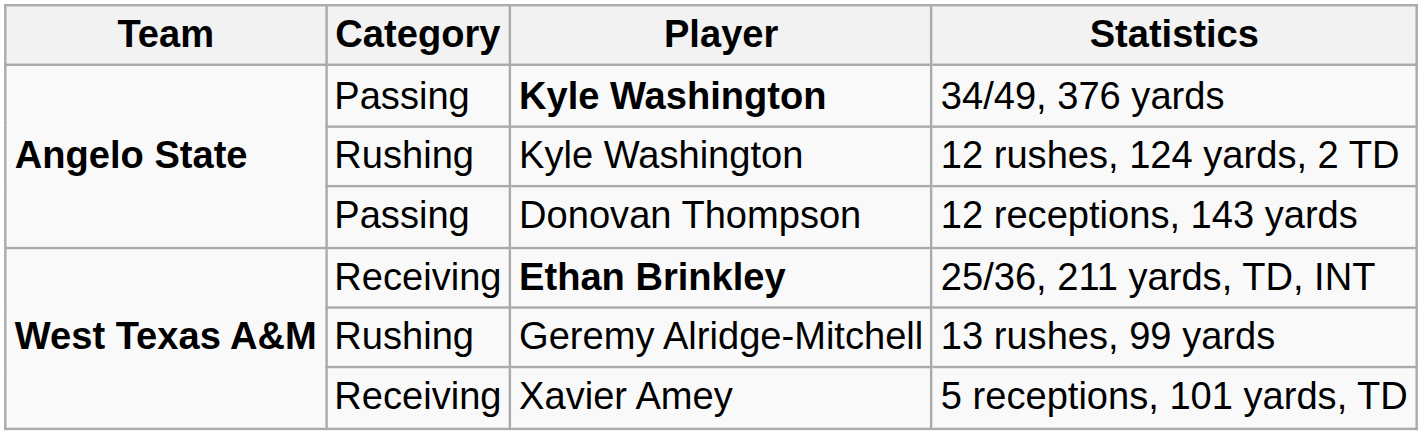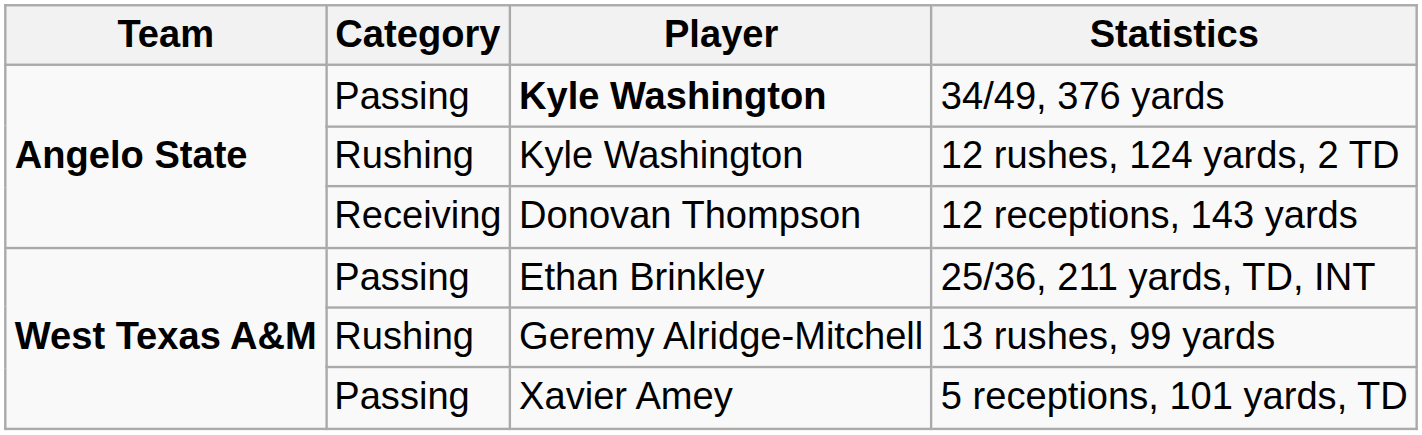 <table class="wikitable" style="float: right;">
 <tr>
 <th>Team</th>
 <th>Category</th>
 <th>Player</th>
 <th>Statistics</th>
 </tr>
 <tr>
 <td rowspan=3><strong>Angelo State</strong></td>
 <td>Passing</td>
 <td><strong>Kyle Washington</strong></td>
 <td>34/49, 376 yards</td>
 </tr>
 <tr>
 <td>Rushing</td>
 <td>Kyle Washington</td>
 <td>12 rushes, 124 yards, 2 TD</td>
 </tr>
 <tr>
-<td>Passing</td>
+<td>Receiving</td>
 <td>Donovan Thompson</td>
 <td>12 receptions, 143 yards</td>
 </tr>
 <tr>
 <td rowspan=3><strong>West Texas A&M</strong></td>
-<td>Receiving</td>
-<td><strong>Ethan Brinkley</strong></td>
+<td>Passing</td>
+<td>Ethan Brinkley</td>
 <td>25/36, 211 yards, TD, INT</td>
 </tr>
 <tr>
 <td>Rushing</td>
 <td>Geremy Alridge-Mitchell</td>
 <td>13 rushes, 99 yards</td>
 </tr>
 <tr>
-<td>Receiving</td>
+<td>Passing</td>
 <td>Xavier Amey</td>
 <td>5 receptions, 101 yards, TD</td>
 </tr>
 </table>
